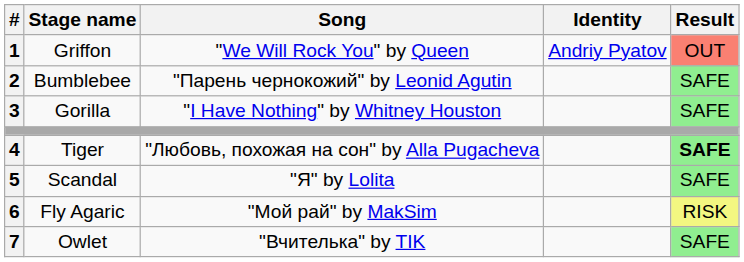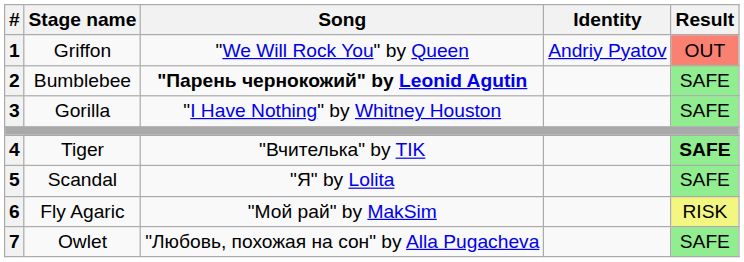 <table class="wikitable plainrowheaders" style="text-align: center">
 <tr>
 <th>#</th>
 <th>Stage name</th>
 <th>Song</th>
 <th>Identity</th>
 <th>Result</th>
 </tr>
 <tr>
 <th>1</th>
 <td>Griffon</td>
 <td>"<a href='#'>We Will Rock You</a>" by <a href='#'>Queen</a></td>
 <td><a href='#'>Andriy Pyatov</a></td>
 <td bgcolor=salmon>OUT</td>
 </tr>
 <tr>
 <th>2</th>
 <td>Bumblebee</td>
-<td>"Парень чернокожий" by <a href='#'>Leonid Agutin</a></td>
+<td><strong>"Парень чернокожий" by <a href='#'>Leonid Agutin</a></strong></td>
 <td></td>
 <td bgcolor=lightgreen>SAFE</td>
 </tr>
 <tr>
 <th>3</th>
 <td>Gorilla</td>
 <td>"<a href='#'>I Have Nothing</a>" by <a href='#'>Whitney Houston</a></td>
 <td></td>
 <td bgcolor=lightgreen>SAFE</td>
 </tr>
 <tr>
 <td colspan="5" style="background:darkgray"></td>
 </tr>
 <tr>
 <th>4</th>
 <td>Tiger</td>
-<td>"Любовь, похожая на сон" by <a href='#'>Alla Pugacheva</a></td>
+<td>"Вчителька" by <a href='#'>TIK</a></td>
 <td></td>
 <td bgcolor=lightgreen><strong>SAFE</strong></td>
 </tr>
 <tr>
 <th>5</th>
 <td>Scandal</td>
 <td>"Я" by <a href='#'>Lolita</a></td>
 <td></td>
 <td bgcolor=lightgreen>SAFE</td>
 </tr>
 <tr>
 <th>6</th>
 <td>Fly Agaric</td>
 <td>"Мой рай" by <a href='#'>MakSim</a></td>
 <td></td>
 <td bgcolor="#F3F781">RISK</td>
 </tr>
 <tr>
 <th>7</th>
 <td>Owlet</td>
-<td>"Вчителька" by <a href='#'>TIK</a></td>
+<td>"Любовь, похожая на сон" by <a href='#'>Alla Pugacheva</a></td>
 <td></td>
 <td bgcolor=lightgreen>SAFE</td>
 </tr>
 </table>
